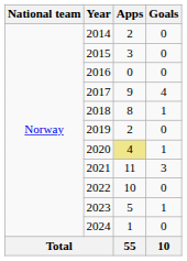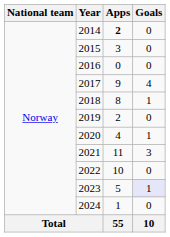 <table class="wikitable" style="text-align:center">
 <tr>
 <th>National team</th>
 <th>Year</th>
 <th>Apps</th>
 <th>Goals</th>
 </tr>
 <tr>
 <td rowspan="11"><a href='#'>Norway</a></td>
 <td>2014</td>
-<td>2</td>
+<td><strong>2</strong></td>
 <td>0</td>
 </tr>
 <tr>
 <td>2015</td>
 <td>3</td>
 <td>0</td>
 </tr>
 <tr>
 <td>2016</td>
 <td>0</td>
 <td>0</td>
 </tr>
 <tr>
 <td>2017</td>
 <td>9</td>
 <td>4</td>
 </tr>
 <tr>
 <td>2018</td>
 <td>8</td>
 <td>1</td>
 </tr>
 <tr>
 <td>2019</td>
 <td>2</td>
 <td>0</td>
 </tr>
 <tr>
 <td>2020</td>
-<td style="background: khaki;">4</td>
+<td>4</td>
 <td>1</td>
 </tr>
 <tr>
 <td>2021</td>
 <td>11</td>
 <td>3</td>
 </tr>
 <tr>
 <td>2022</td>
 <td>10</td>
 <td>0</td>
 </tr>
 <tr>
 <td>2023</td>
 <td>5</td>
-<td>1</td>
+<td style="background: lavender;">1</td>
 </tr>
 <tr>
 <td>2024</td>
 <td>1</td>
 <td>0</td>
 </tr>
 <tr>
 <th colspan="2">Total</th>
 <th>55</th>
 <th>10</th>
 </tr>
 </table>
